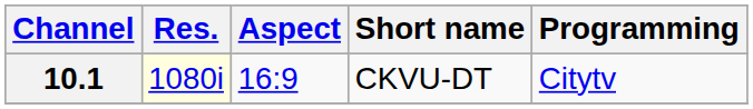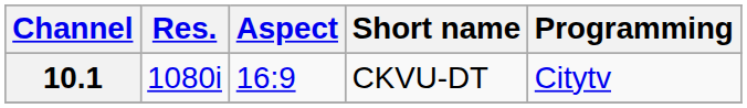 <table class="wikitable">
 <tr>
 <th><a href='#'>Channel</a></th>
 <th><a href='#'>Res.</a></th>
 <th><a href='#'>Aspect</a></th>
 <th>Short name</th>
 <th>Programming</th>
 </tr>
 <tr>
 <th scope = "row">10.1</th>
-<td style="background: lightyellow;"><a href='#'>1080i</a></td>
+<td><a href='#'>1080i</a></td>
 <td><a href='#'>16:9</a></td>
 <td>CKVU-DT</td>
 <td><a href='#'>Citytv</a></td>
 </tr>
 <tr>
 </tr>
 </table>
